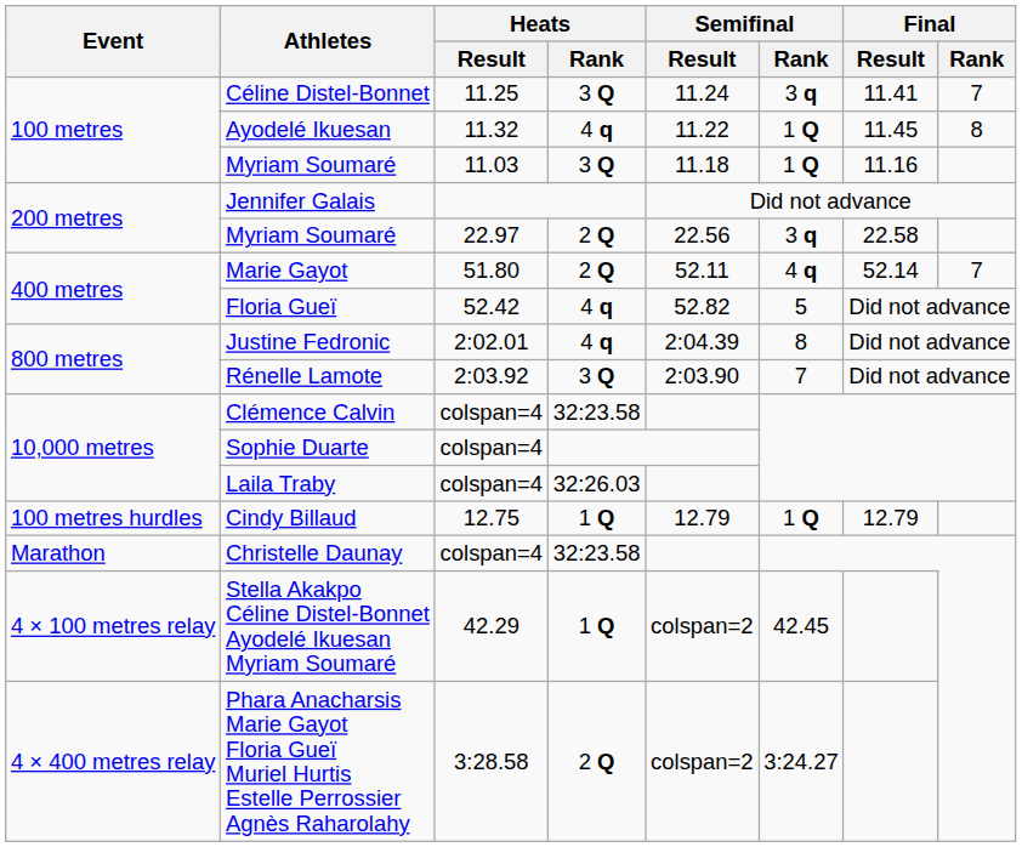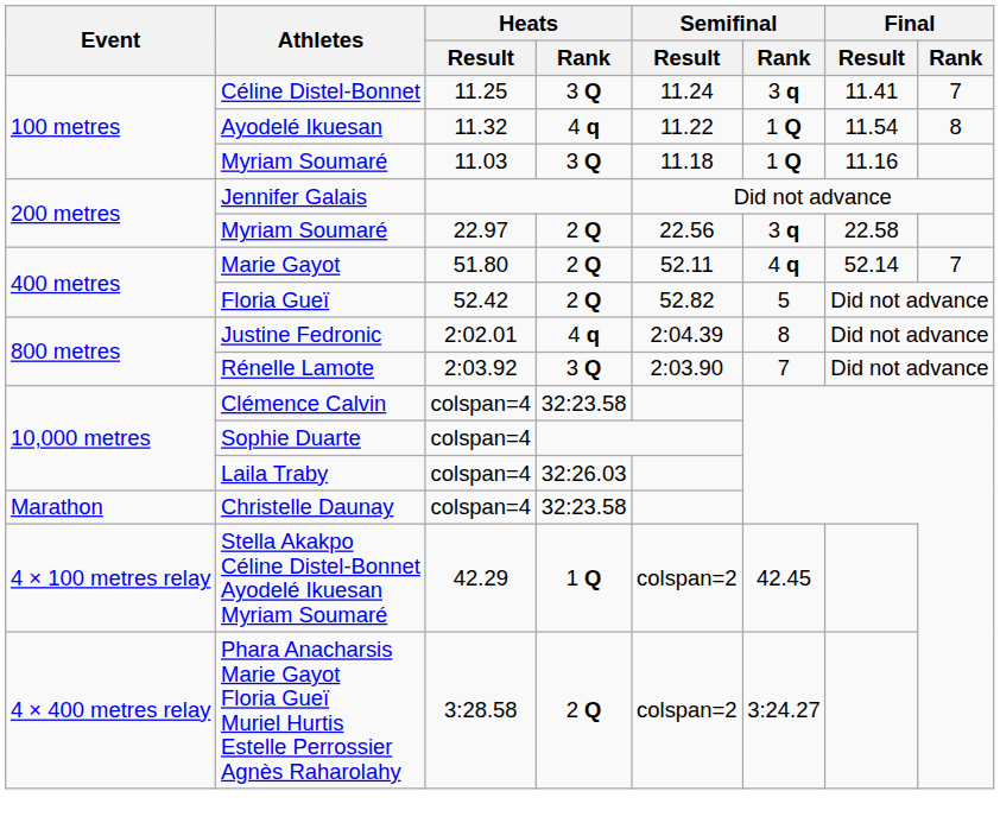 <table class="wikitable" border="1" style="font-size:90%">
 <tr>
 <th rowspan="2">Event</th>
 <th rowspan="2">Athletes</th>
 <th colspan="2">Heats</th>
 <th colspan="2">Semifinal</th>
 <th colspan="2">Final</th>
 </tr>
 <tr>
 <th>Result</th>
 <th>Rank</th>
 <th>Result</th>
 <th>Rank</th>
 <th>Result</th>
 <th>Rank</th>
 </tr>
 <tr>
 <td rowspan=3><a href='#'>100 metres</a></td>
 <td><a href='#'>Céline Distel-Bonnet</a></td>
 <td align=center>11.25</td>
 <td align=center>3 <strong>Q</strong></td>
 <td align=center>11.24</td>
 <td align=center>3 <strong>q</strong></td>
 <td align=center>11.41</td>
 <td align=center>7</td>
 </tr>
 <tr>
 <td><a href='#'>Ayodelé Ikuesan</a></td>
 <td align=center>11.32</td>
 <td align=center>4 <strong>q</strong></td>
 <td align=center>11.22</td>
 <td align=center>1 <strong>Q</strong></td>
-<td align=center>11.45</td>
+<td align=center>11.54</td>
 <td align=center>8</td>
 </tr>
 <tr>
 <td><a href='#'>Myriam Soumaré</a></td>
 <td align=center>11.03</td>
 <td align=center>3 <strong>Q</strong></td>
 <td align=center>11.18</td>
 <td align=center>1 <strong>Q</strong></td>
 <td align=center>11.16</td>
 <td align=center></td>
 </tr>
 <tr>
 <td rowspan=2><a href='#'>200 metres</a></td>
 <td><a href='#'>Jennifer Galais</a></td>
 <td colspan=2 align=center></td>
 <td colspan=4 align=center>Did not advance</td>
 </tr>
 <tr>
 <td><a href='#'>Myriam Soumaré</a></td>
 <td align=center>22.97</td>
 <td align=center>2 <strong>Q</strong></td>
 <td align=center>22.56</td>
 <td align=center>3 <strong>q</strong></td>
 <td align=center>22.58</td>
 <td align=center></td>
 </tr>
 <tr>
 <td rowspan=2><a href='#'>400 metres</a></td>
 <td><a href='#'>Marie Gayot</a></td>
 <td align=center>51.80</td>
 <td align=center>2 <strong>Q</strong></td>
 <td align=center>52.11</td>
 <td align=center>4 <strong>q</strong></td>
 <td align=center>52.14</td>
 <td align=center>7</td>
 </tr>
 <tr>
 <td><a href='#'>Floria Gueï</a></td>
 <td align=center>52.42</td>
-<td align=center>4 <strong>q</strong></td>
+<td align=center>2 <strong>Q</strong></td>
 <td align=center>52.82</td>
 <td align=center>5</td>
 <td colspan=2 align=center>Did not advance</td>
 </tr>
 <tr>
 <td rowspan=2><a href='#'>800 metres</a></td>
 <td><a href='#'>Justine Fedronic</a></td>
 <td align=center>2:02.01</td>
 <td align=center>4 <strong>q</strong></td>
 <td align=center>2:04.39</td>
 <td align=center>8</td>
 <td colspan=2 align=center>Did not advance</td>
 </tr>
 <tr>
 <td><a href='#'>Rénelle Lamote</a></td>
 <td align=center>2:03.92</td>
 <td align=center>3 <strong>Q</strong></td>
 <td align=center>2:03.90</td>
 <td align=center>7</td>
 <td colspan=2 align=center>Did not advance</td>
 </tr>
 <tr>
 <td rowspan=3><a href='#'>10,000 metres</a></td>
 <td><a href='#'>Clémence Calvin</a></td>
 <td>colspan=4 </td>
 <td align=center>32:23.58</td>
 <td align=center></td>
 </tr>
 <tr>
 <td><a href='#'>Sophie Duarte</a></td>
 <td>colspan=4 </td>
 <td colspan=2 align=center></td>
 </tr>
 <tr>
 <td><a href='#'>Laila Traby</a></td>
 <td>colspan=4 </td>
 <td align=center>32:26.03</td>
 <td align=center></td>
 </tr>
 <tr>
-<td rowspan=1><a href='#'>100 metres hurdles</a></td>
-<td><a href='#'>Cindy Billaud</a></td>
-<td align=center>12.75</td>
-<td align=center>1 <strong>Q</strong></td>
-<td align=center>12.79</td>
-<td align=center>1 <strong>Q</strong></td>
-<td align=center>12.79</td>
-<td align=center></td>
-</tr>
-<tr>
 <td rowspan=1><a href='#'>Marathon</a></td>
 <td><a href='#'>Christelle Daunay</a></td>
 <td>colspan=4 </td>
 <td align=center>32:23.58</td>
 <td align=center></td>
 </tr>
 <tr>
 <td><a href='#'>4 × 100 metres relay</a></td>
 <td><a href='#'>Stella Akakpo</a><br><a href='#'>Céline Distel-Bonnet</a><br><a href='#'>Ayodelé Ikuesan</a><br><a href='#'>Myriam Soumaré</a></td>
 <td align=center>42.29</td>
 <td align=center>1 <strong>Q</strong></td>
 <td>colspan=2 </td>
 <td align=center>42.45</td>
 <td align=center></td>
 </tr>
 <tr>
 <td><a href='#'>4 × 400 metres relay</a></td>
 <td><a href='#'>Phara Anacharsis</a><br><a href='#'>Marie Gayot</a><br><a href='#'>Floria Gueï</a><br><a href='#'>Muriel Hurtis</a><br><a href='#'>Estelle Perrossier</a><br><a href='#'>Agnès Raharolahy</a></td>
 <td align=center>3:28.58</td>
 <td align=center>2 <strong>Q</strong></td>
 <td>colspan=2 </td>
 <td align=center>3:24.27</td>
 <td align=center></td>
 </tr>
 </table>
